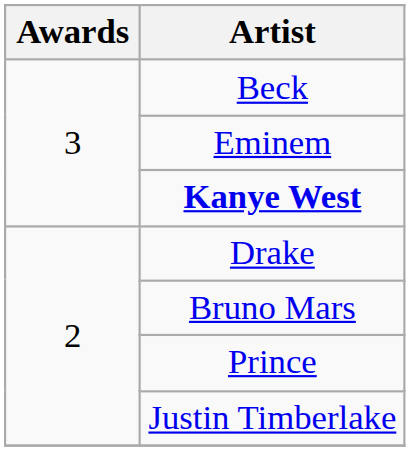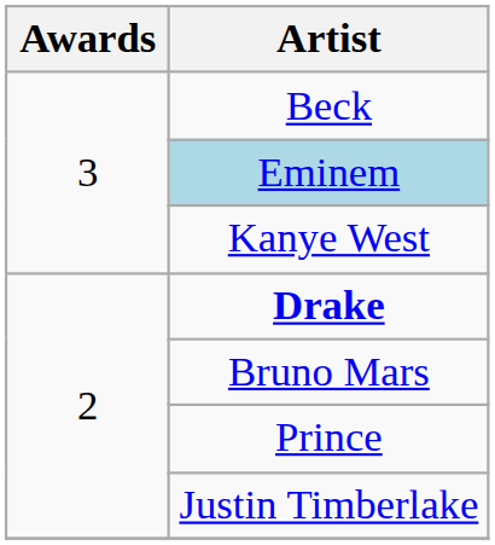 <table class="wikitable" rowspan="2" style="text-align:center;">
 <tr>
 <th scope="col" style="width:55px;">Awards</th>
 <th scope="col" style="text-align:center;">Artist</th>
 </tr>
 <tr>
 <td rowspan="3">3</td>
 <td><a href='#'>Beck</a></td>
 </tr>
 <tr>
-<td><a href='#'>Eminem</a></td>
+<td style="background: lightblue;"><a href='#'>Eminem</a></td>
 </tr>
 <tr>
-<td><strong><a href='#'>Kanye West</a></strong></td>
+<td><a href='#'>Kanye West</a></td>
 </tr>
 <tr>
 <td rowspan="4">2</td>
-<td><a href='#'>Drake</a></td>
+<td><strong><a href='#'>Drake</a></strong></td>
 </tr>
 <tr>
 <td><a href='#'>Bruno Mars</a></td>
 </tr>
 <tr>
 <td><a href='#'>Prince</a></td>
 </tr>
 <tr>
 <td><a href='#'>Justin Timberlake</a></td>
 </tr>
 <tr>
 </tr>
 </table>
